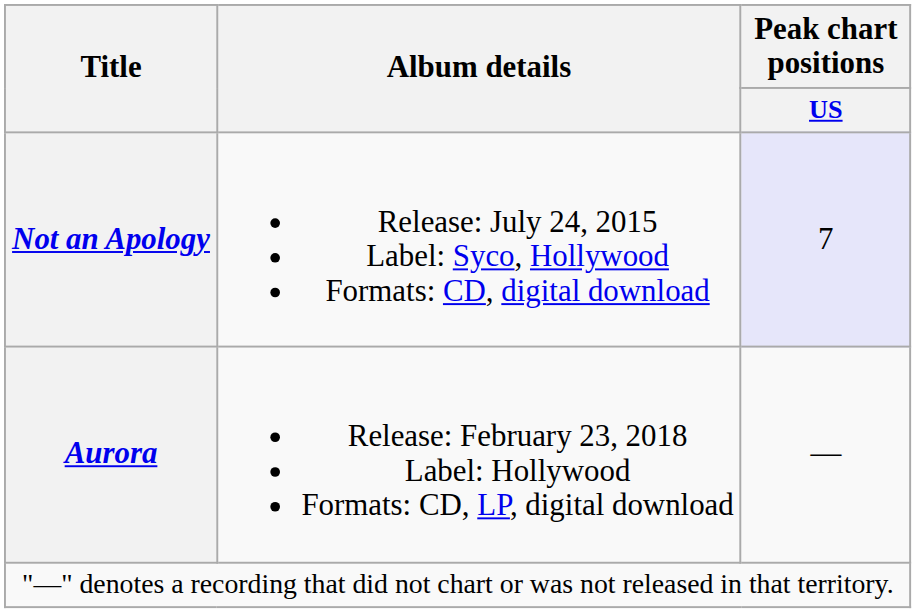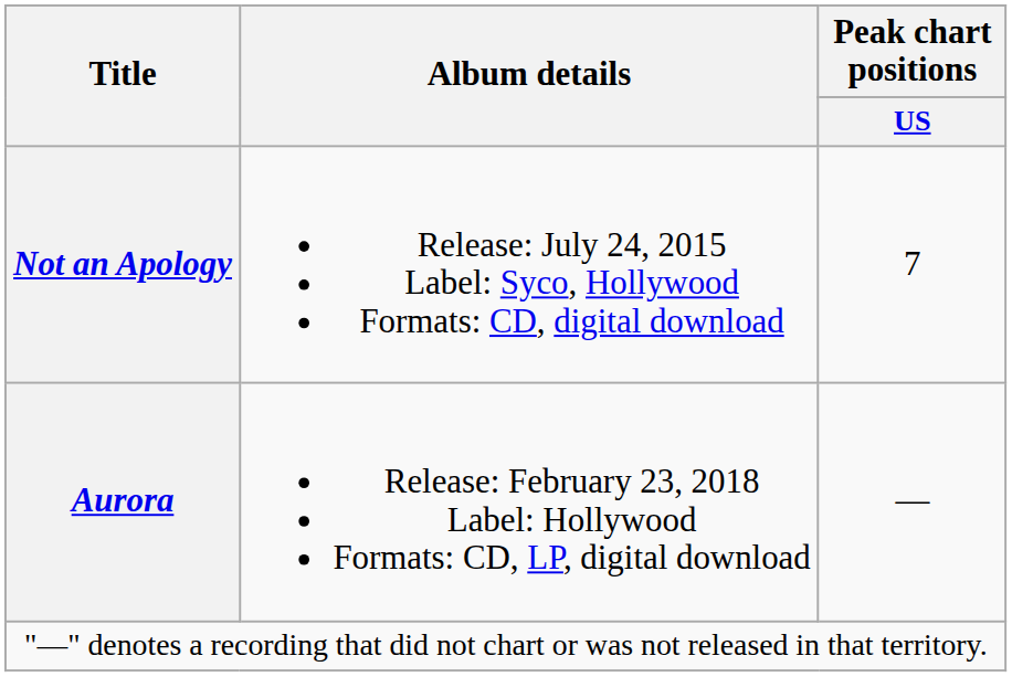 <table class="wikitable plainrowheaders" style="text-align:center;">
 <tr>
 <th scope="col" rowspan="2">Title</th>
 <th scope="col" rowspan="2">Album details</th>
 <th scope="col">Peak chart positions</th>
 </tr>
 <tr>
 <th scope="col" style="width:6em;font-size:85%;"><a href='#'>US</a><br></th>
 </tr>
 <tr>
 <th scope="row"><em><a href='#'>Not an Apology</a></em></th>
 <td><br><ul><li>Release: July 24, 2015</li><li>Label: <a href='#'>Syco</a>, <a href='#'>Hollywood</a></li><li>Formats: <a href='#'>CD</a>, <a href='#'>digital download</a></li></ul></td>
-<td style="background: lavender;">7</td>
+<td>7</td>
 </tr>
 <tr>
 <th scope="row"><em><a href='#'>Aurora</a></em></th>
 <td><br><ul><li>Release: February 23, 2018</li><li>Label: Hollywood</li><li>Formats: CD, <a href='#'>LP</a>, digital download</li></ul></td>
 <td>—</td>
 </tr>
 <tr>
 <td style="font-size:90%" colspan="8">"—" denotes a recording that did not chart or was not released in that territory.</td>
 </tr>
 </table>
